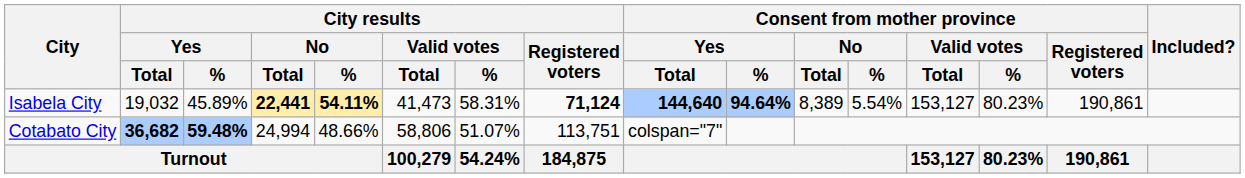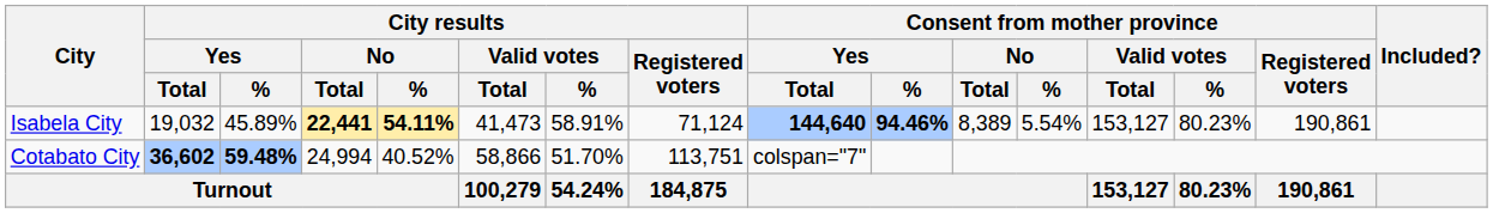 <table class="wikitable" style="text-align:right; font-size:95%;">
 <tr>
 <th rowspan="3">City</th>
 <th colspan="7">City results</th>
 <th colspan="7">Consent from mother province</th>
 <th rowspan="3">Included?</th>
 </tr>
 <tr>
 <th colspan="2">Yes</th>
 <th colspan="2">No</th>
 <th colspan="2">Valid votes</th>
 <th rowspan="2">Registered<br>voters</th>
 <th colspan="2">Yes</th>
 <th colspan="2">No</th>
 <th colspan="2">Valid votes</th>
 <th rowspan="2">Registered<br>voters</th>
 </tr>
 <tr>
 <th>Total</th>
 <th>%</th>
 <th>Total</th>
 <th>%</th>
 <th>Total</th>
 <th>%</th>
 <th>Total</th>
 <th>%</th>
 <th>Total</th>
 <th>%</th>
 <th>Total</th>
 <th>%</th>
 </tr>
 <tr>
 <td align="left"><a href='#'>Isabela City</a> </td>
 <td>19,032</td>
 <td>45.89%</td>
 <td style="background:#fea"><strong>22,441</strong></td>
 <td style="background:#fea"><strong>54.11%</strong></td>
 <td>41,473</td>
-<td>58.31%</td>
-<td><strong>71,124</strong></td>
+<td>58.91%</td>
+<td>71,124</td>
 <td style="background:#acf;"><strong>144,640</strong></td>
-<td style="background:#acf;"><strong>94.64%</strong></td>
+<td style="background:#acf;"><strong>94.46%</strong></td>
 <td>8,389</td>
 <td>5.54%</td>
 <td>153,127</td>
 <td>80.23%</td>
 <td>190,861</td>
 <td></td>
 </tr>
 <tr>
 <td align="left"><a href='#'>Cotabato City</a></td>
-<td style="background:#acf"><strong>36,682</strong></td>
+<td style="background:#acf"><strong>36,602</strong></td>
 <td style="background:#acf"><strong>59.48%</strong></td>
 <td>24,994</td>
-<td>48.66%</td>
-<td>58,806</td>
-<td>51.07%</td>
+<td>40.52%</td>
+<td>58,866</td>
+<td>51.70%</td>
 <td>113,751</td>
 <td>colspan="7" </td>
 <td></td>
 </tr>
 <tr>
 <th colspan="5">Turnout</th>
 <th>100,279</th>
 <th>54.24%</th>
 <th>184,875</th>
 <th colspan="4"></th>
 <th>153,127</th>
 <th>80.23%</th>
 <th>190,861</th>
 <th></th>
 </tr>
 </table>
